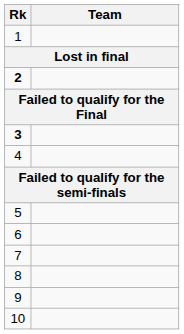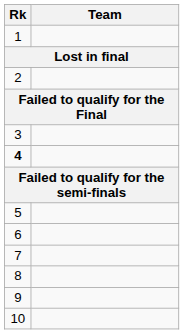 <table class=wikitable style=text-align:center>
 <tr>
 <th width=25>Rk</th>
 <th width=170>Team</th>
 </tr>
 <tr>
 <td>1</td>
 <td align=left></td>
 </tr>
 <tr>
 <th colspan="6">Lost in final</th>
 </tr>
 <tr>
-<td><strong>2</strong></td>
+<td>2</td>
 <td align=left></td>
 </tr>
 <tr>
 <th colspan="6">Failed to qualify for the Final</th>
 </tr>
 <tr>
-<td><strong>3</strong></td>
+<td>3</td>
 <td align=left></td>
 </tr>
 <tr>
-<td>4</td>
+<td><strong>4</strong></td>
 <td align=left></td>
 </tr>
 <tr>
 <th colspan="6">Failed to qualify for the semi-finals</th>
 </tr>
 <tr>
 <td>5</td>
 <td align=left></td>
 </tr>
 <tr>
 <td>6</td>
 <td align=left></td>
 </tr>
 <tr>
 <td>7</td>
 <td align=left></td>
 </tr>
 <tr>
 <td>8</td>
 <td align=left></td>
 </tr>
 <tr>
 <td>9</td>
 <td align=left></td>
 </tr>
 <tr>
 <td>10</td>
 <td align=left></td>
 </tr>
 </table>
